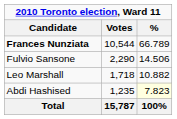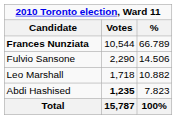 <table class="wikitable" style="margin-bottom:0;">
 <tr>
 <td Colspan="3" align="center"><strong><a href='#'>2010 Toronto election</a>, Ward 11</strong></td>
 </tr>
 <tr>
 <th bgcolor="#DDDDFF" width="150px">Candidate</th>
 <th bgcolor="#DDDDFF">Votes</th>
 <th bgcolor="#DDDDFF">%</th>
 </tr>
 <tr>
 <td><strong>Frances Nunziata</strong></td>
 <td align=right>10,544</td>
 <td align=right>66.789</td>
 </tr>
 <tr>
 <td>Fulvio Sansone</td>
 <td align=right>2,290</td>
 <td align=right>14.506</td>
 </tr>
 <tr>
 <td>Leo Marshall</td>
 <td align=right>1,718</td>
 <td align=right>10.882</td>
 </tr>
 <tr>
 <td>Abdi Hashised</td>
-<td align=right>1,235</td>
-<td align=right style="background: lightyellow;">7.823</td>
+<td align=right><strong>1,235</strong></td>
+<td align=right>7.823</td>
 </tr>
 <tr>
 <th>Total</th>
 <th align=right>15,787</th>
 <th align=right>100%</th>
 </tr>
 </table>
